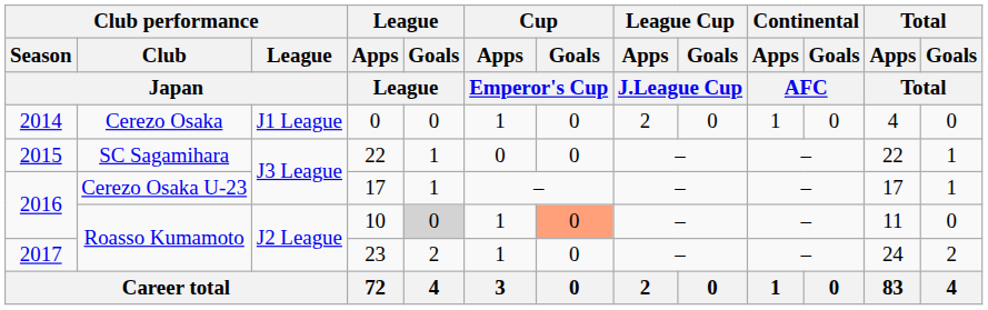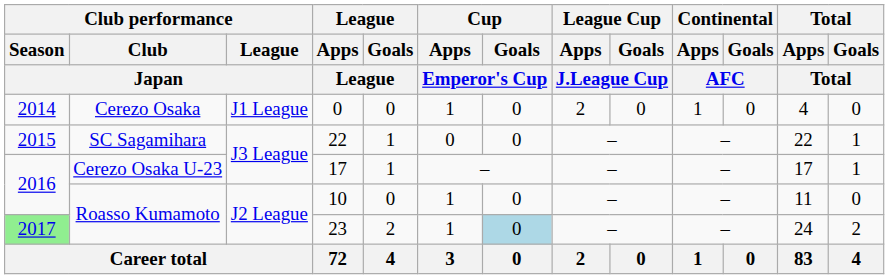 <table class="wikitable" style="text-align:center">
 <tr>
 <th colspan=3>Club performance</th>
 <th colspan=2>League</th>
 <th colspan=2>Cup</th>
 <th colspan=2>League Cup</th>
 <th colspan=2>Continental</th>
 <th colspan=2>Total</th>
 </tr>
 <tr>
 <th>Season</th>
 <th>Club</th>
 <th>League</th>
 <th>Apps</th>
 <th>Goals</th>
 <th>Apps</th>
 <th>Goals</th>
 <th>Apps</th>
 <th>Goals</th>
 <th>Apps</th>
 <th>Goals</th>
 <th>Apps</th>
 <th>Goals</th>
 </tr>
 <tr>
 <th colspan=3>Japan</th>
 <th colspan=2>League</th>
 <th colspan=2><a href='#'>Emperor's Cup</a></th>
 <th colspan=2><a href='#'>J.League Cup</a></th>
 <th colspan=2><a href='#'>AFC</a></th>
 <th colspan=2>Total</th>
 </tr>
 <tr>
 <td><a href='#'>2014</a></td>
 <td><a href='#'>Cerezo Osaka</a></td>
 <td><a href='#'>J1 League</a></td>
 <td>0</td>
 <td>0</td>
 <td>1</td>
 <td>0</td>
 <td>2</td>
 <td>0</td>
 <td>1</td>
 <td>0</td>
 <td>4</td>
 <td>0</td>
 </tr>
 <tr>
 <td><a href='#'>2015</a></td>
 <td><a href='#'>SC Sagamihara</a></td>
 <td rowspan="2"><a href='#'>J3 League</a></td>
 <td>22</td>
 <td>1</td>
 <td>0</td>
 <td>0</td>
 <td colspan="2">–</td>
 <td colspan="2">–</td>
 <td>22</td>
 <td>1</td>
 </tr>
 <tr>
 <td rowspan="2"><a href='#'>2016</a></td>
 <td><a href='#'>Cerezo Osaka U-23</a></td>
 <td>17</td>
 <td>1</td>
 <td colspan="2">–</td>
 <td colspan="2">–</td>
 <td colspan="2">–</td>
 <td>17</td>
 <td>1</td>
 </tr>
 <tr>
 <td rowspan="2"><a href='#'>Roasso Kumamoto</a></td>
 <td rowspan="2"><a href='#'>J2 League</a></td>
 <td>10</td>
-<td style="background: lightgrey;">0</td>
+<td>0</td>
 <td>1</td>
-<td style="background: lightsalmon;">0</td>
+<td>0</td>
 <td colspan="2">–</td>
 <td colspan="2">–</td>
 <td>11</td>
 <td>0</td>
 </tr>
 <tr>
-<td><a href='#'>2017</a></td>
+<td style="background: lightgreen;"><a href='#'>2017</a></td>
 <td>23</td>
 <td>2</td>
 <td>1</td>
-<td>0</td>
+<td style="background: lightblue;">0</td>
 <td colspan="2">–</td>
 <td colspan="2">–</td>
 <td>24</td>
 <td>2</td>
 </tr>
 <tr>
 <th colspan=3>Career total</th>
 <th>72</th>
 <th>4</th>
 <th>3</th>
 <th>0</th>
 <th>2</th>
 <th>0</th>
 <th>1</th>
 <th>0</th>
 <th>83</th>
 <th>4</th>
 </tr>
 </table>
